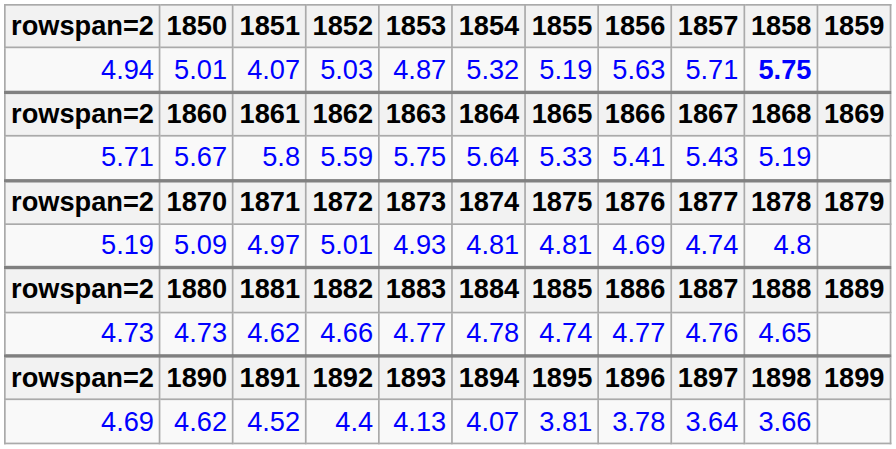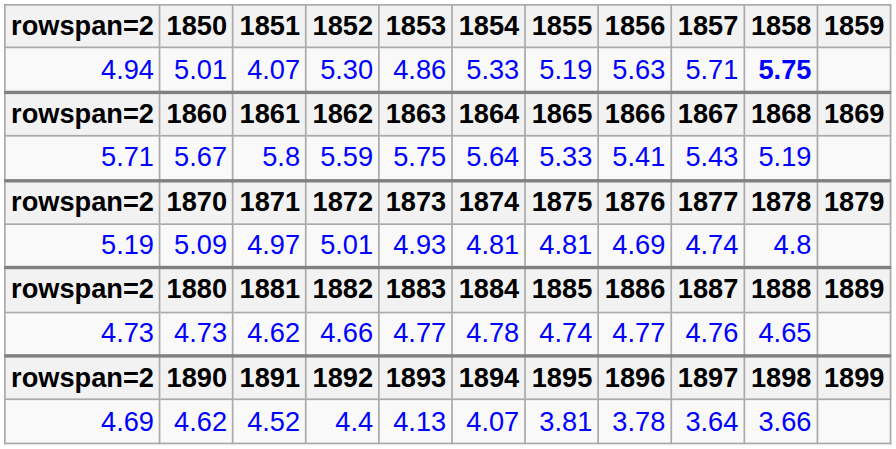 <table class="wikitable " style="text-align:right">
 <tr>
 <th>rowspan=2 </th>
 <th>1850</th>
 <th>1851</th>
 <th>1852</th>
 <th>1853</th>
 <th>1854</th>
 <th>1855</th>
 <th>1856</th>
 <th>1857</th>
 <th>1858</th>
 <th>1859</th>
 </tr>
 <tr>
 <td style="text-align:right; color:blue;">4.94</td>
 <td style="text-align:right; color:blue;">5.01</td>
 <td style="text-align:right; color:blue;">4.07</td>
-<td style="text-align:right; color:blue;">5.03</td>
-<td style="text-align:right; color:blue;">4.87</td>
-<td style="text-align:right; color:blue;">5.32</td>
+<td style="text-align:right; color:blue;">5.30</td>
+<td style="text-align:right; color:blue;">4.86</td>
+<td style="text-align:right; color:blue;">5.33</td>
 <td style="text-align:right; color:blue;">5.19</td>
 <td style="text-align:right; color:blue;">5.63</td>
 <td style="text-align:right; color:blue;">5.71</td>
 <td style="text-align:right; color:blue;"><strong>5.75</strong></td>
 </tr>
 <tr style="border-top:2px solid gray">
 <th>rowspan=2 </th>
 <th>1860</th>
 <th>1861</th>
 <th>1862</th>
 <th>1863</th>
 <th>1864</th>
 <th>1865</th>
 <th>1866</th>
 <th>1867</th>
 <th>1868</th>
 <th>1869</th>
 </tr>
 <tr>
 <td style="text-align:right; color:blue;">5.71</td>
 <td style="text-align:right; color:blue;">5.67</td>
 <td style="text-align:right; color:blue;">5.8</td>
 <td style="text-align:right; color:blue;">5.59</td>
 <td style="text-align:right; color:blue;">5.75</td>
 <td style="text-align:right; color:blue;">5.64</td>
 <td style="text-align:right; color:blue;">5.33</td>
 <td style="text-align:right; color:blue;">5.41</td>
 <td style="text-align:right; color:blue;">5.43</td>
 <td style="text-align:right; color:blue;">5.19</td>
 </tr>
 <tr style="border-top:2px solid gray">
 <th>rowspan=2 </th>
 <th>1870</th>
 <th>1871</th>
 <th>1872</th>
 <th>1873</th>
 <th>1874</th>
 <th>1875</th>
 <th>1876</th>
 <th>1877</th>
 <th>1878</th>
 <th>1879</th>
 </tr>
 <tr>
 <td style="text-align:right; color:blue;">5.19</td>
 <td style="text-align:right; color:blue;">5.09</td>
 <td style="text-align:right; color:blue;">4.97</td>
 <td style="text-align:right; color:blue;">5.01</td>
 <td style="text-align:right; color:blue;">4.93</td>
 <td style="text-align:right; color:blue;">4.81</td>
 <td style="text-align:right; color:blue;">4.81</td>
 <td style="text-align:right; color:blue;">4.69</td>
 <td style="text-align:right; color:blue;">4.74</td>
 <td style="text-align:right; color:blue;">4.8</td>
 </tr>
 <tr style="border-top:2px solid gray">
 <th>rowspan=2 </th>
 <th>1880</th>
 <th>1881</th>
 <th>1882</th>
 <th>1883</th>
 <th>1884</th>
 <th>1885</th>
 <th>1886</th>
 <th>1887</th>
 <th>1888</th>
 <th>1889</th>
 </tr>
 <tr>
 <td style="text-align:right; color:blue;">4.73</td>
 <td style="text-align:right; color:blue;">4.73</td>
 <td style="text-align:right; color:blue;">4.62</td>
 <td style="text-align:right; color:blue;">4.66</td>
 <td style="text-align:right; color:blue;">4.77</td>
 <td style="text-align:right; color:blue;">4.78</td>
 <td style="text-align:right; color:blue;">4.74</td>
 <td style="text-align:right; color:blue;">4.77</td>
 <td style="text-align:right; color:blue;">4.76</td>
 <td style="text-align:right; color:blue;">4.65</td>
 </tr>
 <tr style="border-top:2px solid gray">
 <th>rowspan=2 </th>
 <th>1890</th>
 <th>1891</th>
 <th>1892</th>
 <th>1893</th>
 <th>1894</th>
 <th>1895</th>
 <th>1896</th>
 <th>1897</th>
 <th>1898</th>
 <th>1899</th>
 </tr>
 <tr>
 <td style="text-align:right; color:blue;">4.69</td>
 <td style="text-align:right; color:blue;">4.62</td>
 <td style="text-align:right; color:blue;">4.52</td>
 <td style="text-align:right; color:blue;">4.4</td>
 <td style="text-align:right; color:blue;">4.13</td>
 <td style="text-align:right; color:blue;">4.07</td>
 <td style="text-align:right; color:blue;">3.81</td>
 <td style="text-align:right; color:blue;">3.78</td>
 <td style="text-align:right; color:blue;">3.64</td>
 <td style="text-align:right; color:blue;">3.66</td>
 </tr>
 </table>
